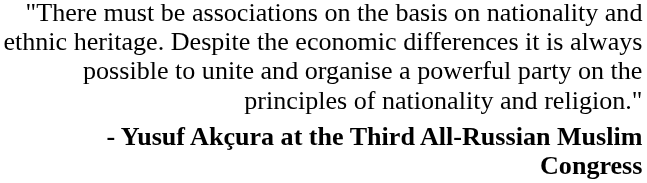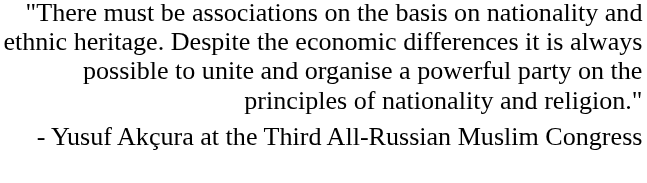 <table style="float:right; margin-left: 10px;" width="400">
 <tr style="text-align:right">
 <td>"There must be associations on the basis on nationality and ethnic heritage. Despite the economic differences it is always possible to unite and organise a powerful party on the principles of nationality and religion."</td>
 </tr>
 <tr style="text-align:right">
-<td><strong>- Yusuf Akçura at the Third All-Russian Muslim Congress</strong></td>
+<td>- Yusuf Akçura at the Third All-Russian Muslim Congress</td>
 </tr>
 <tr>
 </tr>
 </table>
